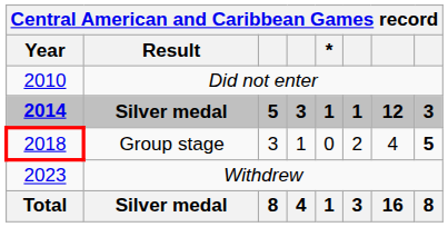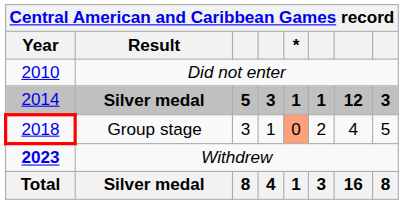 <table class="wikitable" style="text-align: center;">
 <tr>
 <th colspan=9><a href='#'>Central American and Caribbean Games</a> record</th>
 </tr>
 <tr>
 <th>Year</th>
 <th>Result</th>
 <th></th>
 <th></th>
 <th>*</th>
 <th></th>
 <th></th>
 <th></th>
 </tr>
 <tr>
 <td> <a href='#'>2010</a></td>
 <td colspan=8><em>Did not enter</em></td>
 </tr>
 <tr bgcolor=silver>
-<td><strong> <a href='#'>2014</a></strong></td>
+<td> <a href='#'>2014</a></td>
 <td><strong>Silver medal</strong></td>
 <td><strong>5</strong></td>
 <td><strong>3</strong></td>
 <td><strong>1</strong></td>
 <td><strong>1</strong></td>
 <td><strong>12</strong></td>
 <td><strong>3</strong></td>
 </tr>
 <tr>
 <td style="border: 3px solid red"> <a href='#'>2018</a></td>
 <td>Group stage</td>
 <td>3</td>
 <td>1</td>
-<td>0</td>
+<td style="background: lightsalmon;">0</td>
 <td>2</td>
 <td>4</td>
-<td><strong>5</strong></td>
+<td>5</td>
 </tr>
 <tr>
-<td> <a href='#'>2023</a></td>
+<td><strong> <a href='#'>2023</a></strong></td>
 <td colspan=8><em>Withdrew</em></td>
 </tr>
 <tr>
 <th>Total</th>
 <th>Silver medal</th>
 <th>8</th>
 <th>4</th>
 <th>1</th>
 <th>3</th>
 <th>16</th>
 <th>8</th>
 </tr>
 </table>
